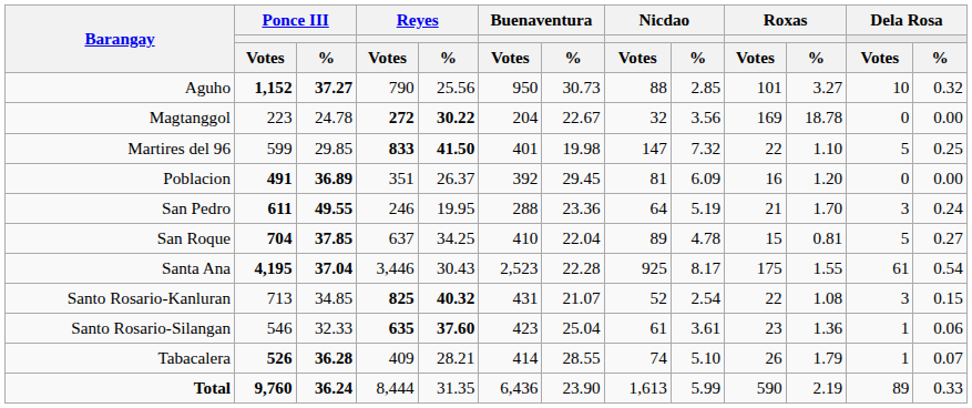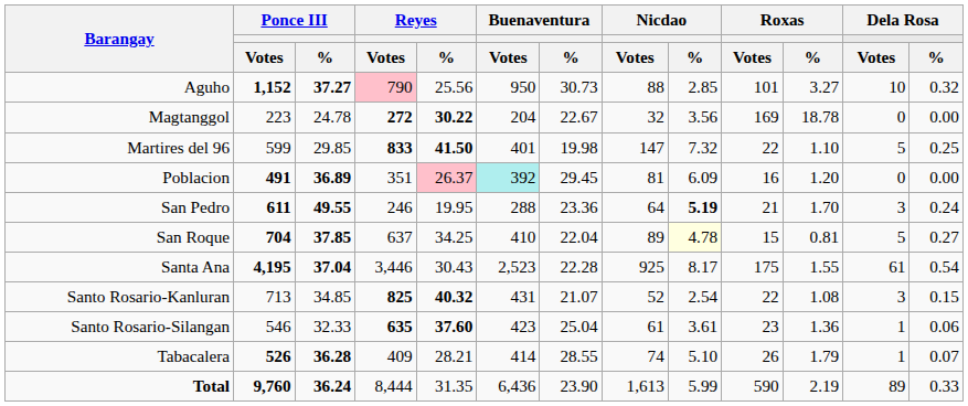 <table class="wikitable collapsible collapsed" style="text-align:right; font-size:95%; line-height:20px;">
 <tr>
 <th rowspan="3" width="200"><a href='#'>Barangay</a></th>
 <th colspan="2" width="110"><a href='#'>Ponce III</a></th>
 <th colspan="2" width="110"><a href='#'>Reyes</a></th>
 <th colspan="2" width="110">Buenaventura</th>
 <th colspan="2" width="110">Nicdao</th>
 <th colspan="2" width="110">Roxas</th>
 <th colspan="2" width="110">Dela Rosa</th>
 </tr>
 <tr>
 <th colspan="2" style="background:"></th>
 <th colspan="2" style="background:"></th>
 <th colspan="2" style="background:"></th>
 <th colspan="2" style="background:"></th>
 <th colspan="2" style="background:"></th>
 <th colspan="2" style="background:#E9E9E9;"></th>
 </tr>
 <tr>
 <th>Votes</th>
 <th>%</th>
 <th>Votes</th>
 <th>%</th>
 <th>Votes</th>
 <th>%</th>
 <th>Votes</th>
 <th>%</th>
 <th>Votes</th>
 <th>%</th>
 <th>Votes</th>
 <th>%</th>
 </tr>
 <tr>
 <td>Aguho</td>
 <td style="background:#"><strong>1,152</strong></td>
 <td style="background:#"><strong>37.27</strong></td>
-<td>790</td>
+<td style="background: pink;">790</td>
 <td>25.56</td>
 <td>950</td>
 <td>30.73</td>
 <td>88</td>
 <td>2.85</td>
 <td>101</td>
 <td>3.27</td>
 <td>10</td>
 <td>0.32</td>
 </tr>
 <tr>
 <td>Magtanggol</td>
 <td>223</td>
 <td>24.78</td>
 <td style="background:#"><strong>272</strong></td>
 <td style="background:#"><strong>30.22</strong></td>
 <td>204</td>
 <td>22.67</td>
 <td>32</td>
 <td>3.56</td>
 <td>169</td>
 <td>18.78</td>
 <td>0</td>
 <td>0.00</td>
 </tr>
 <tr>
 <td>Martires del 96</td>
 <td>599</td>
 <td>29.85</td>
 <td style="background:#"><strong>833</strong></td>
 <td style="background:#"><strong>41.50</strong></td>
 <td>401</td>
 <td>19.98</td>
 <td>147</td>
 <td>7.32</td>
 <td>22</td>
 <td>1.10</td>
 <td>5</td>
 <td>0.25</td>
 </tr>
 <tr>
 <td>Poblacion</td>
 <td style="background:#"><strong>491</strong></td>
 <td style="background:#"><strong>36.89</strong></td>
 <td>351</td>
-<td>26.37</td>
-<td>392</td>
+<td style="background: pink;">26.37</td>
+<td style="background: paleturquoise;">392</td>
 <td>29.45</td>
 <td>81</td>
 <td>6.09</td>
 <td>16</td>
 <td>1.20</td>
 <td>0</td>
 <td>0.00</td>
 </tr>
 <tr>
 <td>San Pedro</td>
 <td style="background:#"><strong>611</strong></td>
 <td style="background:#"><strong>49.55</strong></td>
 <td>246</td>
 <td>19.95</td>
 <td>288</td>
 <td>23.36</td>
 <td>64</td>
-<td>5.19</td>
+<td><strong>5.19</strong></td>
 <td>21</td>
 <td>1.70</td>
 <td>3</td>
 <td>0.24</td>
 </tr>
 <tr>
 <td>San Roque</td>
 <td style="background:#"><strong>704</strong></td>
 <td style="background:#"><strong>37.85</strong></td>
 <td>637</td>
 <td>34.25</td>
 <td>410</td>
 <td>22.04</td>
 <td>89</td>
-<td>4.78</td>
+<td style="background: lightyellow;">4.78</td>
 <td>15</td>
 <td>0.81</td>
 <td>5</td>
 <td>0.27</td>
 </tr>
 <tr>
 <td>Santa Ana</td>
 <td style="background:#"><strong>4,195</strong></td>
 <td style="background:#"><strong>37.04</strong></td>
 <td>3,446</td>
 <td>30.43</td>
 <td>2,523</td>
 <td>22.28</td>
 <td>925</td>
 <td>8.17</td>
 <td>175</td>
 <td>1.55</td>
 <td>61</td>
 <td>0.54</td>
 </tr>
 <tr>
 <td>Santo Rosario-Kanluran</td>
 <td>713</td>
 <td>34.85</td>
 <td style="background:#"><strong>825</strong></td>
 <td style="background:#"><strong>40.32</strong></td>
 <td>431</td>
 <td>21.07</td>
 <td>52</td>
 <td>2.54</td>
 <td>22</td>
 <td>1.08</td>
 <td>3</td>
 <td>0.15</td>
 </tr>
 <tr>
 <td>Santo Rosario-Silangan</td>
 <td>546</td>
 <td>32.33</td>
 <td style="background:#"><strong>635</strong></td>
 <td style="background:#"><strong>37.60</strong></td>
 <td>423</td>
 <td>25.04</td>
 <td>61</td>
 <td>3.61</td>
 <td>23</td>
 <td>1.36</td>
 <td>1</td>
 <td>0.06</td>
 </tr>
 <tr>
 <td>Tabacalera</td>
 <td style="background:#"><strong>526</strong></td>
 <td style="background:#"><strong>36.28</strong></td>
 <td>409</td>
 <td>28.21</td>
 <td>414</td>
 <td>28.55</td>
 <td>74</td>
 <td>5.10</td>
 <td>26</td>
 <td>1.79</td>
 <td>1</td>
 <td>0.07</td>
 </tr>
 <tr>
 <td><strong>Total</strong></td>
 <td style="background:#"><strong>9,760</strong></td>
 <td style="background:#"><strong>36.24</strong></td>
 <td>8,444</td>
 <td>31.35</td>
 <td>6,436</td>
 <td>23.90</td>
 <td>1,613</td>
 <td>5.99</td>
 <td>590</td>
 <td>2.19</td>
 <td>89</td>
 <td>0.33</td>
 </tr>
 </table>
